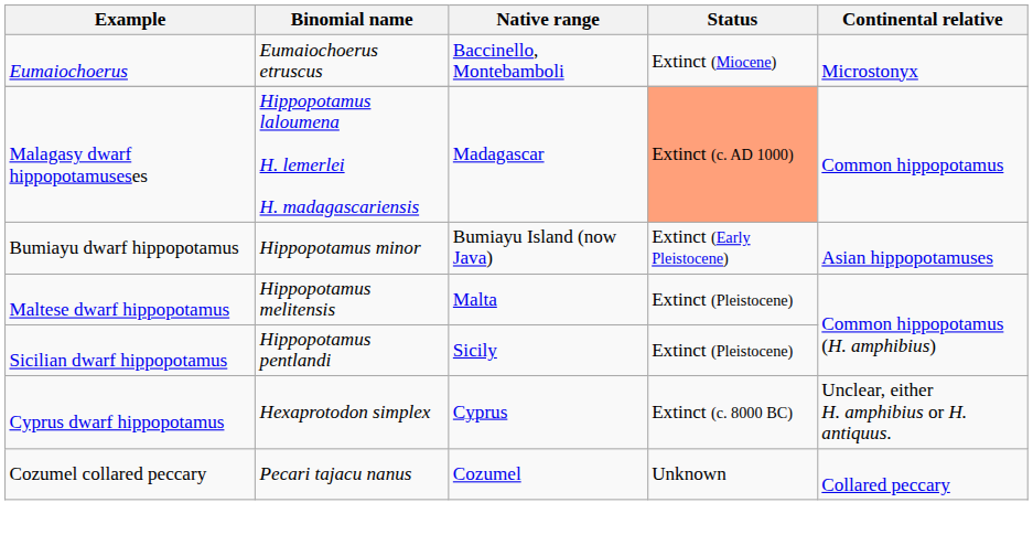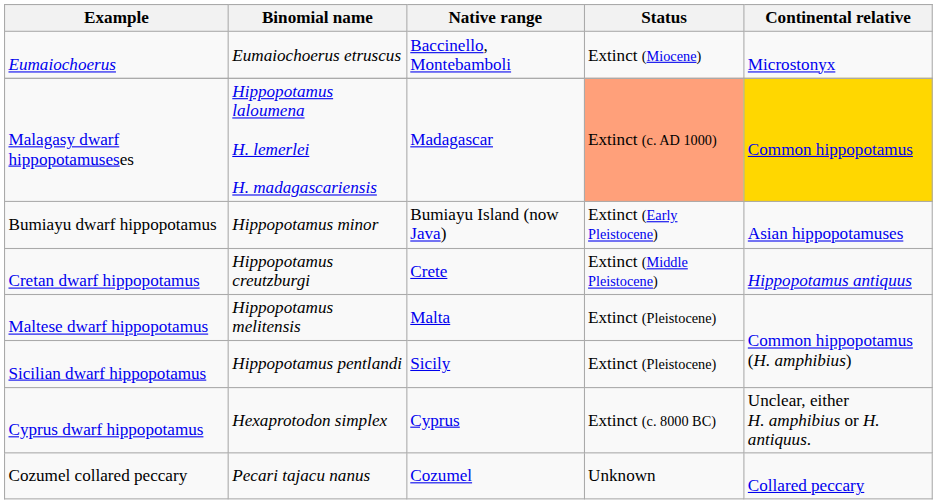 <table class=wikitable>
 <tr>
 <th>Example</th>
 <th>Binomial name</th>
 <th>Native range</th>
 <th>Status</th>
 <th>Continental relative</th>
 </tr>
 <tr>
 <td><br><em><a href='#'>Eumaiochoerus</a></em></td>
 <td><em>Eumaiochoerus etruscus</em></td>
 <td><a href='#'>Baccinello</a>, <a href='#'>Montebamboli</a></td>
 <td>Extinct <small>(<a href='#'>Miocene</a>)</small></td>
 <td><br><a href='#'>Microstonyx</a></td>
 </tr>
 <tr>
 </tr>
 <tr>
 <td><br><a href='#'>Malagasy dwarf hippopotamuses</a>es</td>
 <td><em><a href='#'>Hippopotamus laloumena</a></em><br><br><em><a href='#'>H. lemerlei</a></em><br><br><em><a href='#'>H. madagascariensis</a></em></td>
 <td><a href='#'>Madagascar</a></td>
 <td style="background: lightsalmon;">Extinct <small>(c. AD 1000)</small></td>
-<td><br><a href='#'>Common hippopotamus</a></td>
+<td style="background: gold;"><br><a href='#'>Common hippopotamus</a></td>
 </tr>
 <tr>
 <td>Bumiayu dwarf hippopotamus</td>
 <td><em>Hippopotamus minor</em></td>
 <td>Bumiayu Island (now <a href='#'>Java</a>)</td>
 <td>Extinct <small>(<a href='#'>Early Pleistocene</a>)</small></td>
 <td><br><a href='#'>Asian hippopotamuses</a></td>
+</tr>
+<tr>
+<td><br><a href='#'>Cretan dwarf hippopotamus</a></td>
+<td><em>Hippopotamus creutzburgi</em></td>
+<td><a href='#'>Crete</a></td>
+<td>Extinct <small>(<a href='#'>Middle Pleistocene</a>)</small></td>
+<td><br><em><a href='#'>Hippopotamus antiquus</a></em></td>
 </tr>
 <tr>
 <td><br><a href='#'>Maltese dwarf hippopotamus</a></td>
 <td><em>Hippopotamus melitensis</em></td>
 <td><a href='#'>Malta</a></td>
 <td>Extinct <small>(Pleistocene)</small></td>
 <td rowspan="2"><br><a href='#'>Common hippopotamus</a><br>(<em>H. amphibius</em>)</td>
 </tr>
 <tr>
 <td><br><a href='#'>Sicilian dwarf hippopotamus</a></td>
 <td><em>Hippopotamus pentlandi</em></td>
 <td><a href='#'>Sicily</a></td>
 <td>Extinct <small>(Pleistocene)</small></td>
 </tr>
 <tr>
 <td><br><a href='#'>Cyprus dwarf hippopotamus</a></td>
 <td><em>Hexaprotodon simplex</em></td>
 <td><a href='#'>Cyprus</a></td>
 <td>Extinct <small>(c. 8000 BC)</small></td>
 <td>Unclear, either<br><em>H. amphibius</em> or <em>H. antiquus</em>.</td>
 </tr>
 <tr>
 <td>Cozumel collared peccary</td>
 <td><em>Pecari tajacu nanus</em></td>
 <td><a href='#'>Cozumel</a></td>
 <td>Unknown</td>
 <td><br><a href='#'>Collared peccary</a></td>
 </tr>
 </table>
